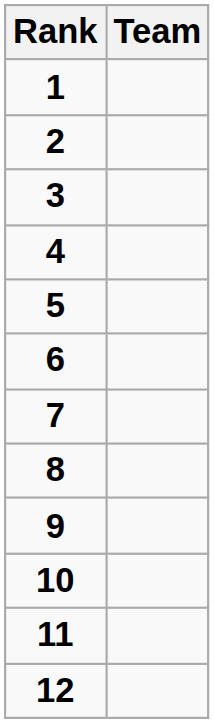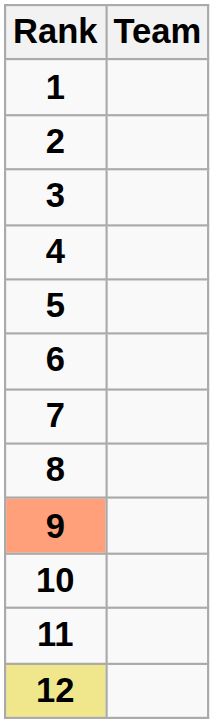 <table class="wikitable" style="text-align: center;">
 <tr>
 <th>Rank</th>
 <th>Team</th>
 </tr>
 <tr>
 <td><strong>1</strong></td>
 <td align="left"></td>
 </tr>
 <tr>
 <td><strong>2</strong></td>
 <td align="left"></td>
 </tr>
 <tr>
 <td><strong>3</strong></td>
 <td align="left"></td>
 </tr>
 <tr>
 <td><strong>4</strong></td>
 <td align="left"></td>
 </tr>
 <tr>
 <td><strong>5</strong></td>
 <td align="left"></td>
 </tr>
 <tr>
 <td><strong>6</strong></td>
 <td align="left"></td>
 </tr>
 <tr>
 <td><strong>7</strong></td>
 <td align="left"></td>
 </tr>
 <tr>
 <td><strong>8</strong></td>
 <td align="left"></td>
 </tr>
 <tr>
-<td><strong>9</strong></td>
+<td style="background: lightsalmon;"><strong>9</strong></td>
 <td align="left"></td>
 </tr>
 <tr>
 <td><strong>10</strong></td>
 <td align="left"></td>
 </tr>
 <tr>
 <td><strong>11</strong></td>
 <td align="left"></td>
 </tr>
 <tr>
-<td><strong>12</strong></td>
+<td style="background: khaki;"><strong>12</strong></td>
 <td align="left"></td>
 </tr>
 </table>
